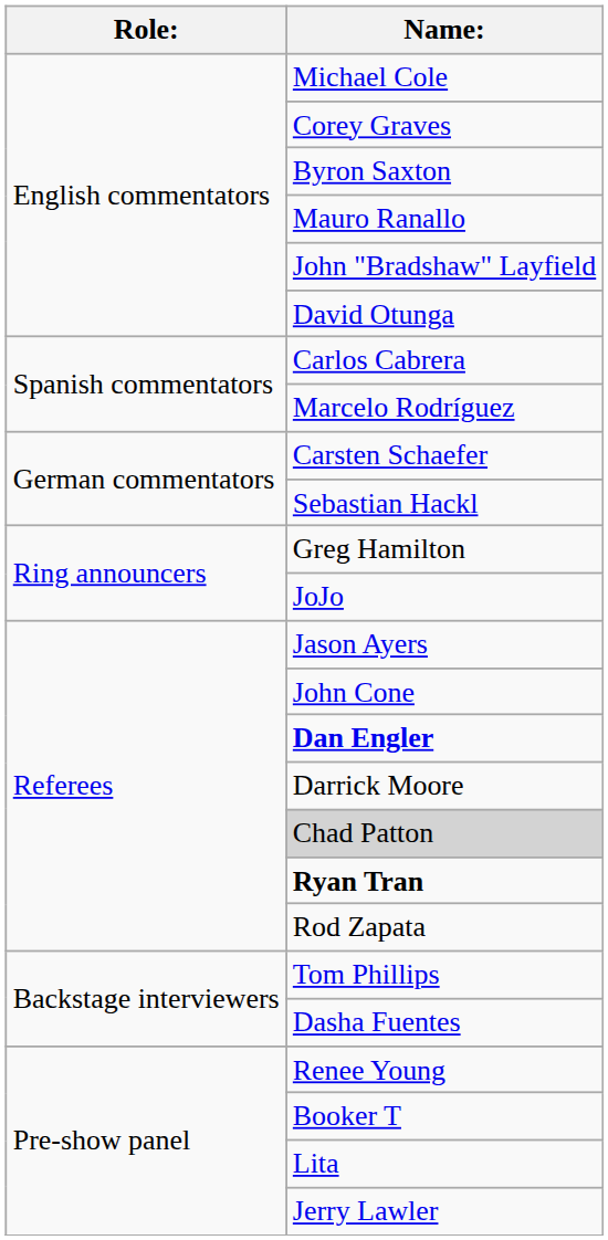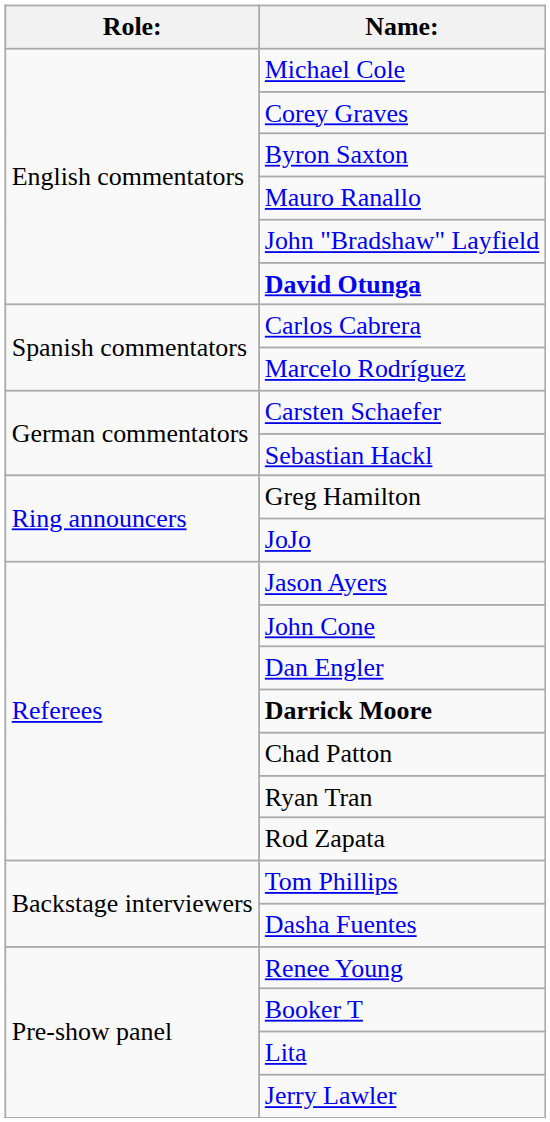 <table class=wikitable style="font-size:90%; margin: 0.5em 0 0.5em 1em; float: right; clear: right;">
 <tr>
 <th>Role:</th>
 <th>Name:</th>
 </tr>
 <tr>
 <td rowspan=6>English commentators</td>
 <td><a href='#'>Michael Cole</a> </td>
 </tr>
 <tr>
 <td><a href='#'>Corey Graves</a> </td>
 </tr>
 <tr>
 <td><a href='#'>Byron Saxton</a> </td>
 </tr>
 <tr>
 <td><a href='#'>Mauro Ranallo</a> </td>
 </tr>
 <tr>
 <td><a href='#'>John "Bradshaw" Layfield</a> </td>
 </tr>
 <tr>
-<td><a href='#'>David Otunga</a> </td>
+<td><strong><a href='#'>David Otunga</a> </strong></td>
 </tr>
 <tr>
 <td rowspan=2>Spanish commentators</td>
 <td><a href='#'>Carlos Cabrera</a></td>
 </tr>
 <tr>
 <td><a href='#'>Marcelo Rodríguez</a></td>
 </tr>
 <tr>
 <td rowspan=2>German commentators</td>
 <td><a href='#'>Carsten Schaefer</a></td>
 </tr>
 <tr>
 <td><a href='#'>Sebastian Hackl</a></td>
 </tr>
 <tr>
 <td rowspan=2><a href='#'>Ring announcers</a></td>
 <td>Greg Hamilton</td>
 </tr>
 <tr>
 <td><a href='#'>JoJo</a></td>
 </tr>
 <tr>
 <td rowspan=7><a href='#'>Referees</a></td>
 <td><a href='#'>Jason Ayers</a></td>
 </tr>
 <tr>
 <td><a href='#'>John Cone</a></td>
 </tr>
 <tr>
-<td><strong><a href='#'>Dan Engler</a></strong></td>
+<td><a href='#'>Dan Engler</a></td>
 </tr>
 <tr>
-<td>Darrick Moore</td>
+<td><strong>Darrick Moore</strong></td>
 </tr>
 <tr>
-<td style="background: lightgrey;">Chad Patton</td>
+<td>Chad Patton</td>
 </tr>
 <tr>
-<td><strong>Ryan Tran</strong></td>
+<td>Ryan Tran</td>
 </tr>
 <tr>
 <td>Rod Zapata</td>
 </tr>
 <tr>
 <td rowspan=2>Backstage interviewers</td>
 <td><a href='#'>Tom Phillips</a></td>
 </tr>
 <tr>
 <td><a href='#'>Dasha Fuentes</a></td>
 </tr>
 <tr>
 <td rowspan=4>Pre-show panel</td>
 <td><a href='#'>Renee Young</a></td>
 </tr>
 <tr>
 <td><a href='#'>Booker T</a></td>
 </tr>
 <tr>
 <td><a href='#'>Lita</a></td>
 </tr>
 <tr>
 <td><a href='#'>Jerry Lawler</a></td>
 </tr>
 <tr>
 </tr>
 </table>
